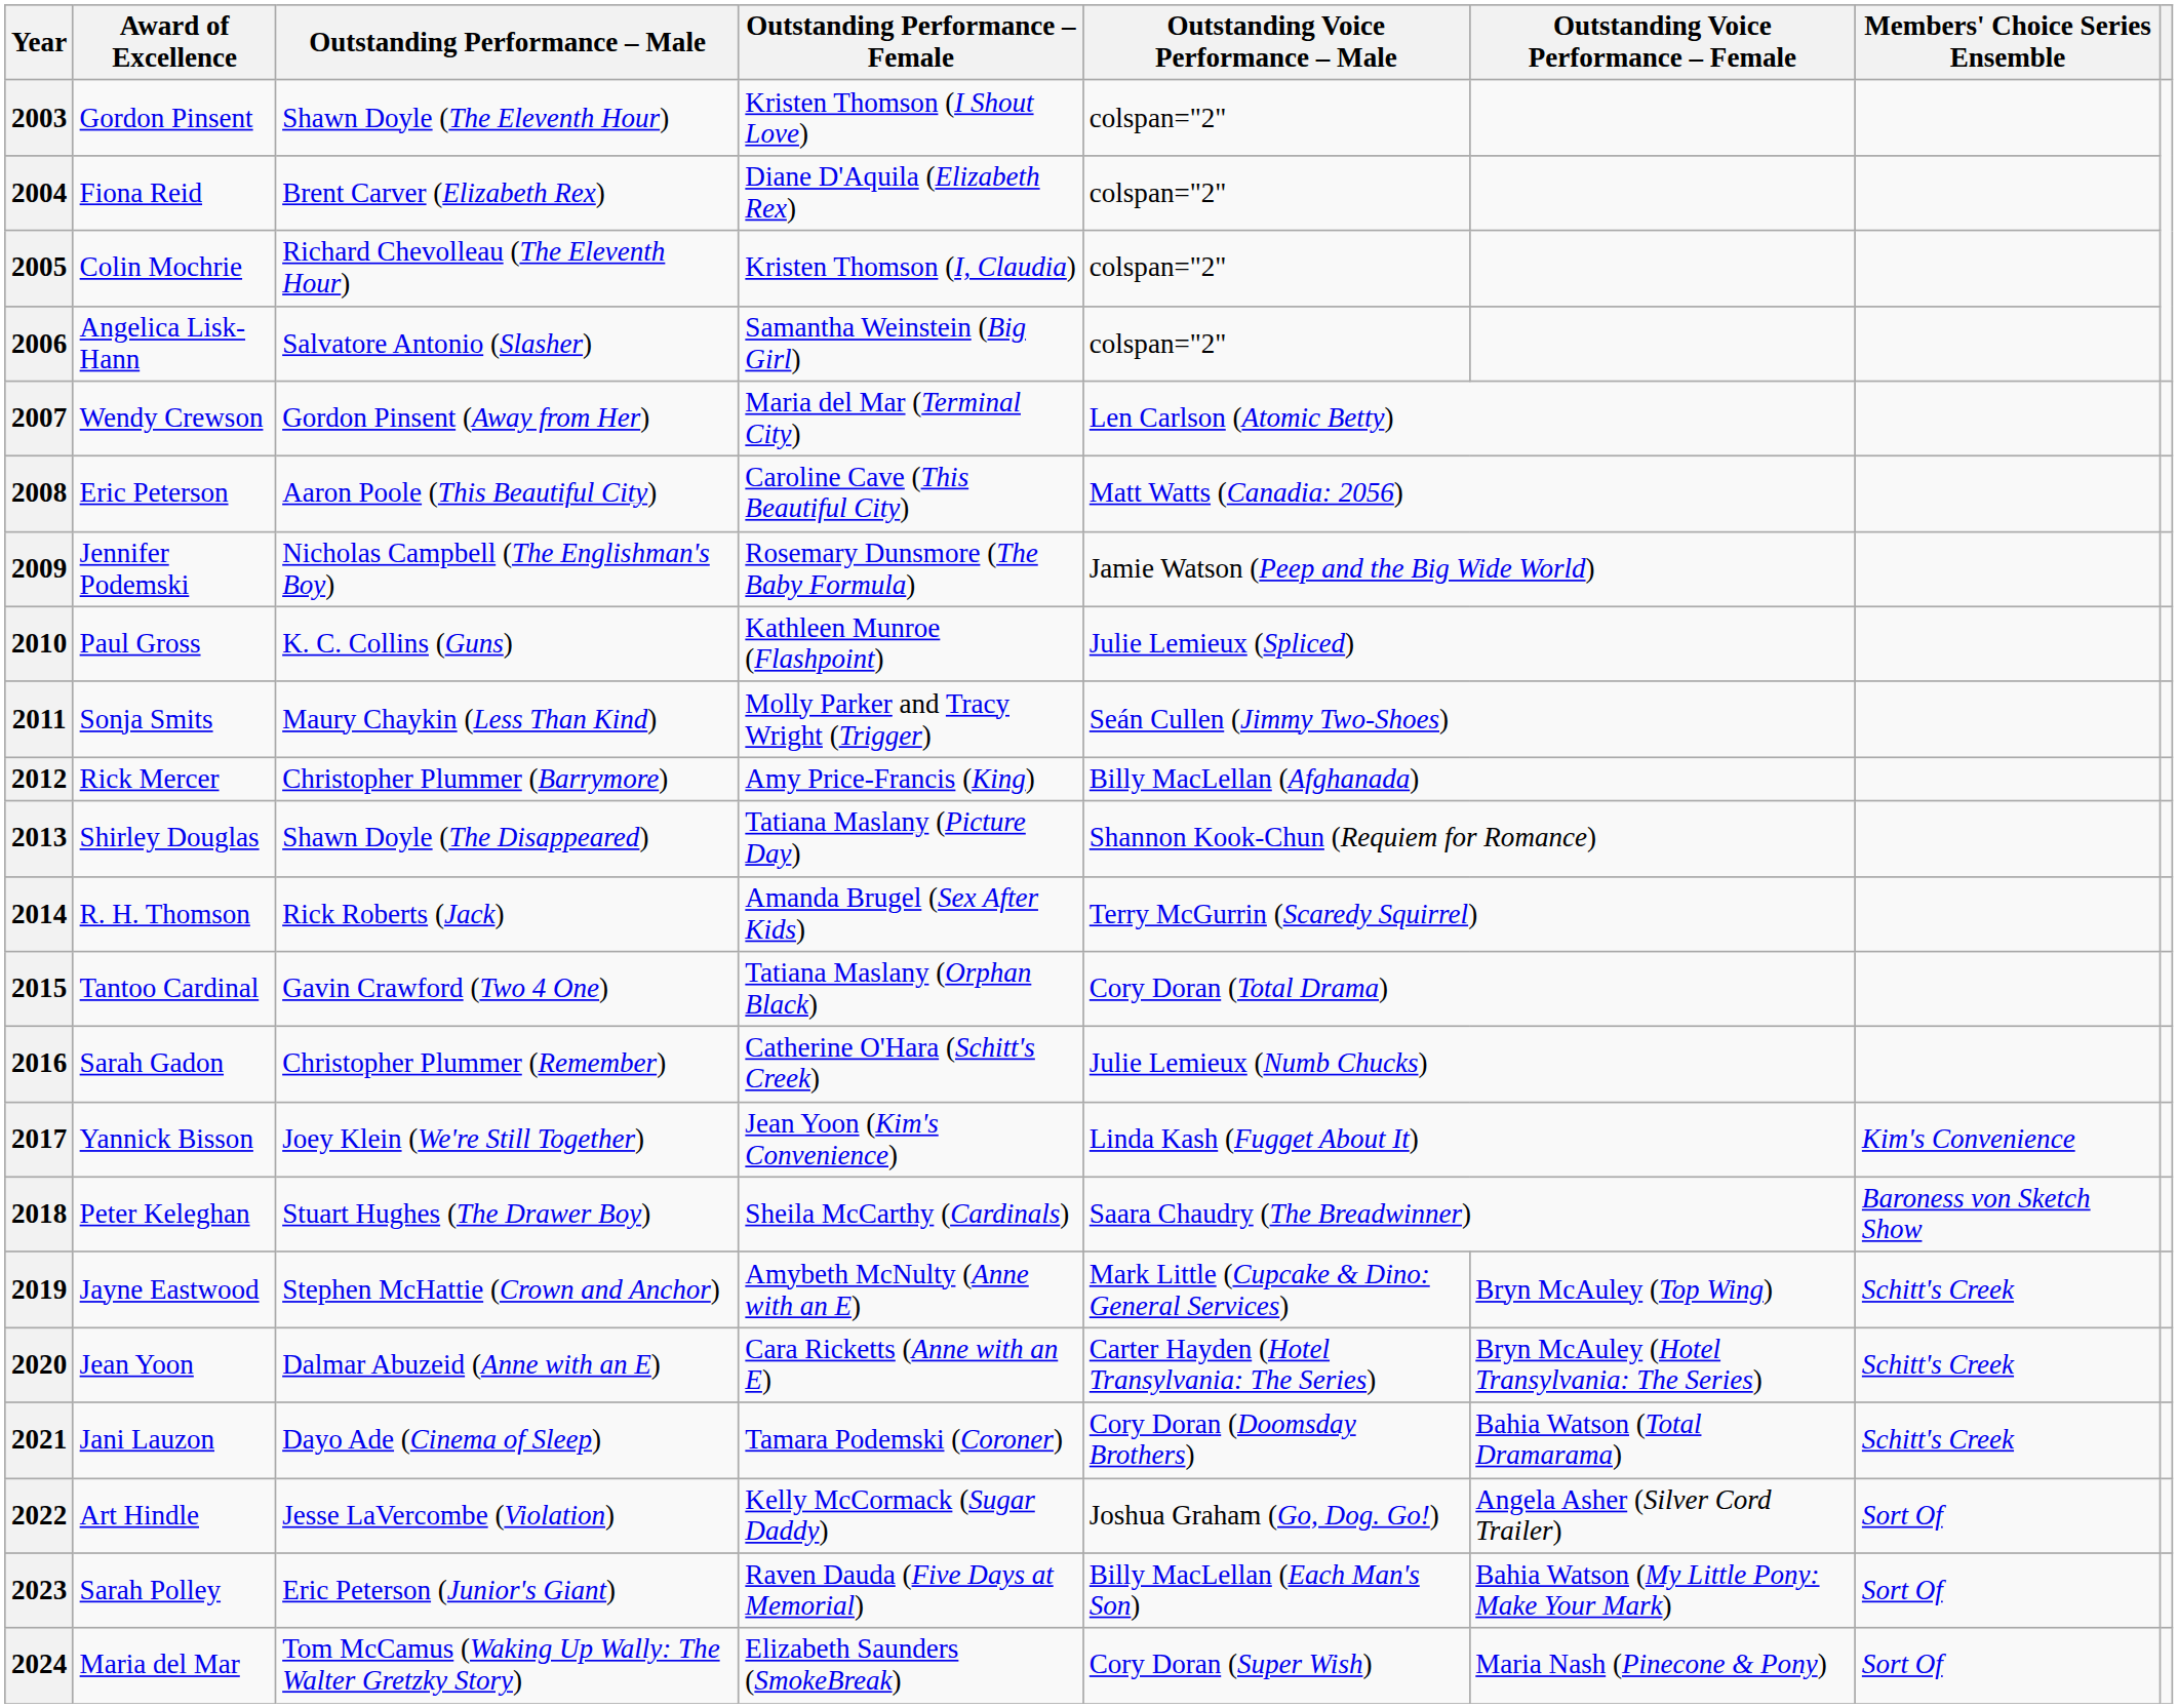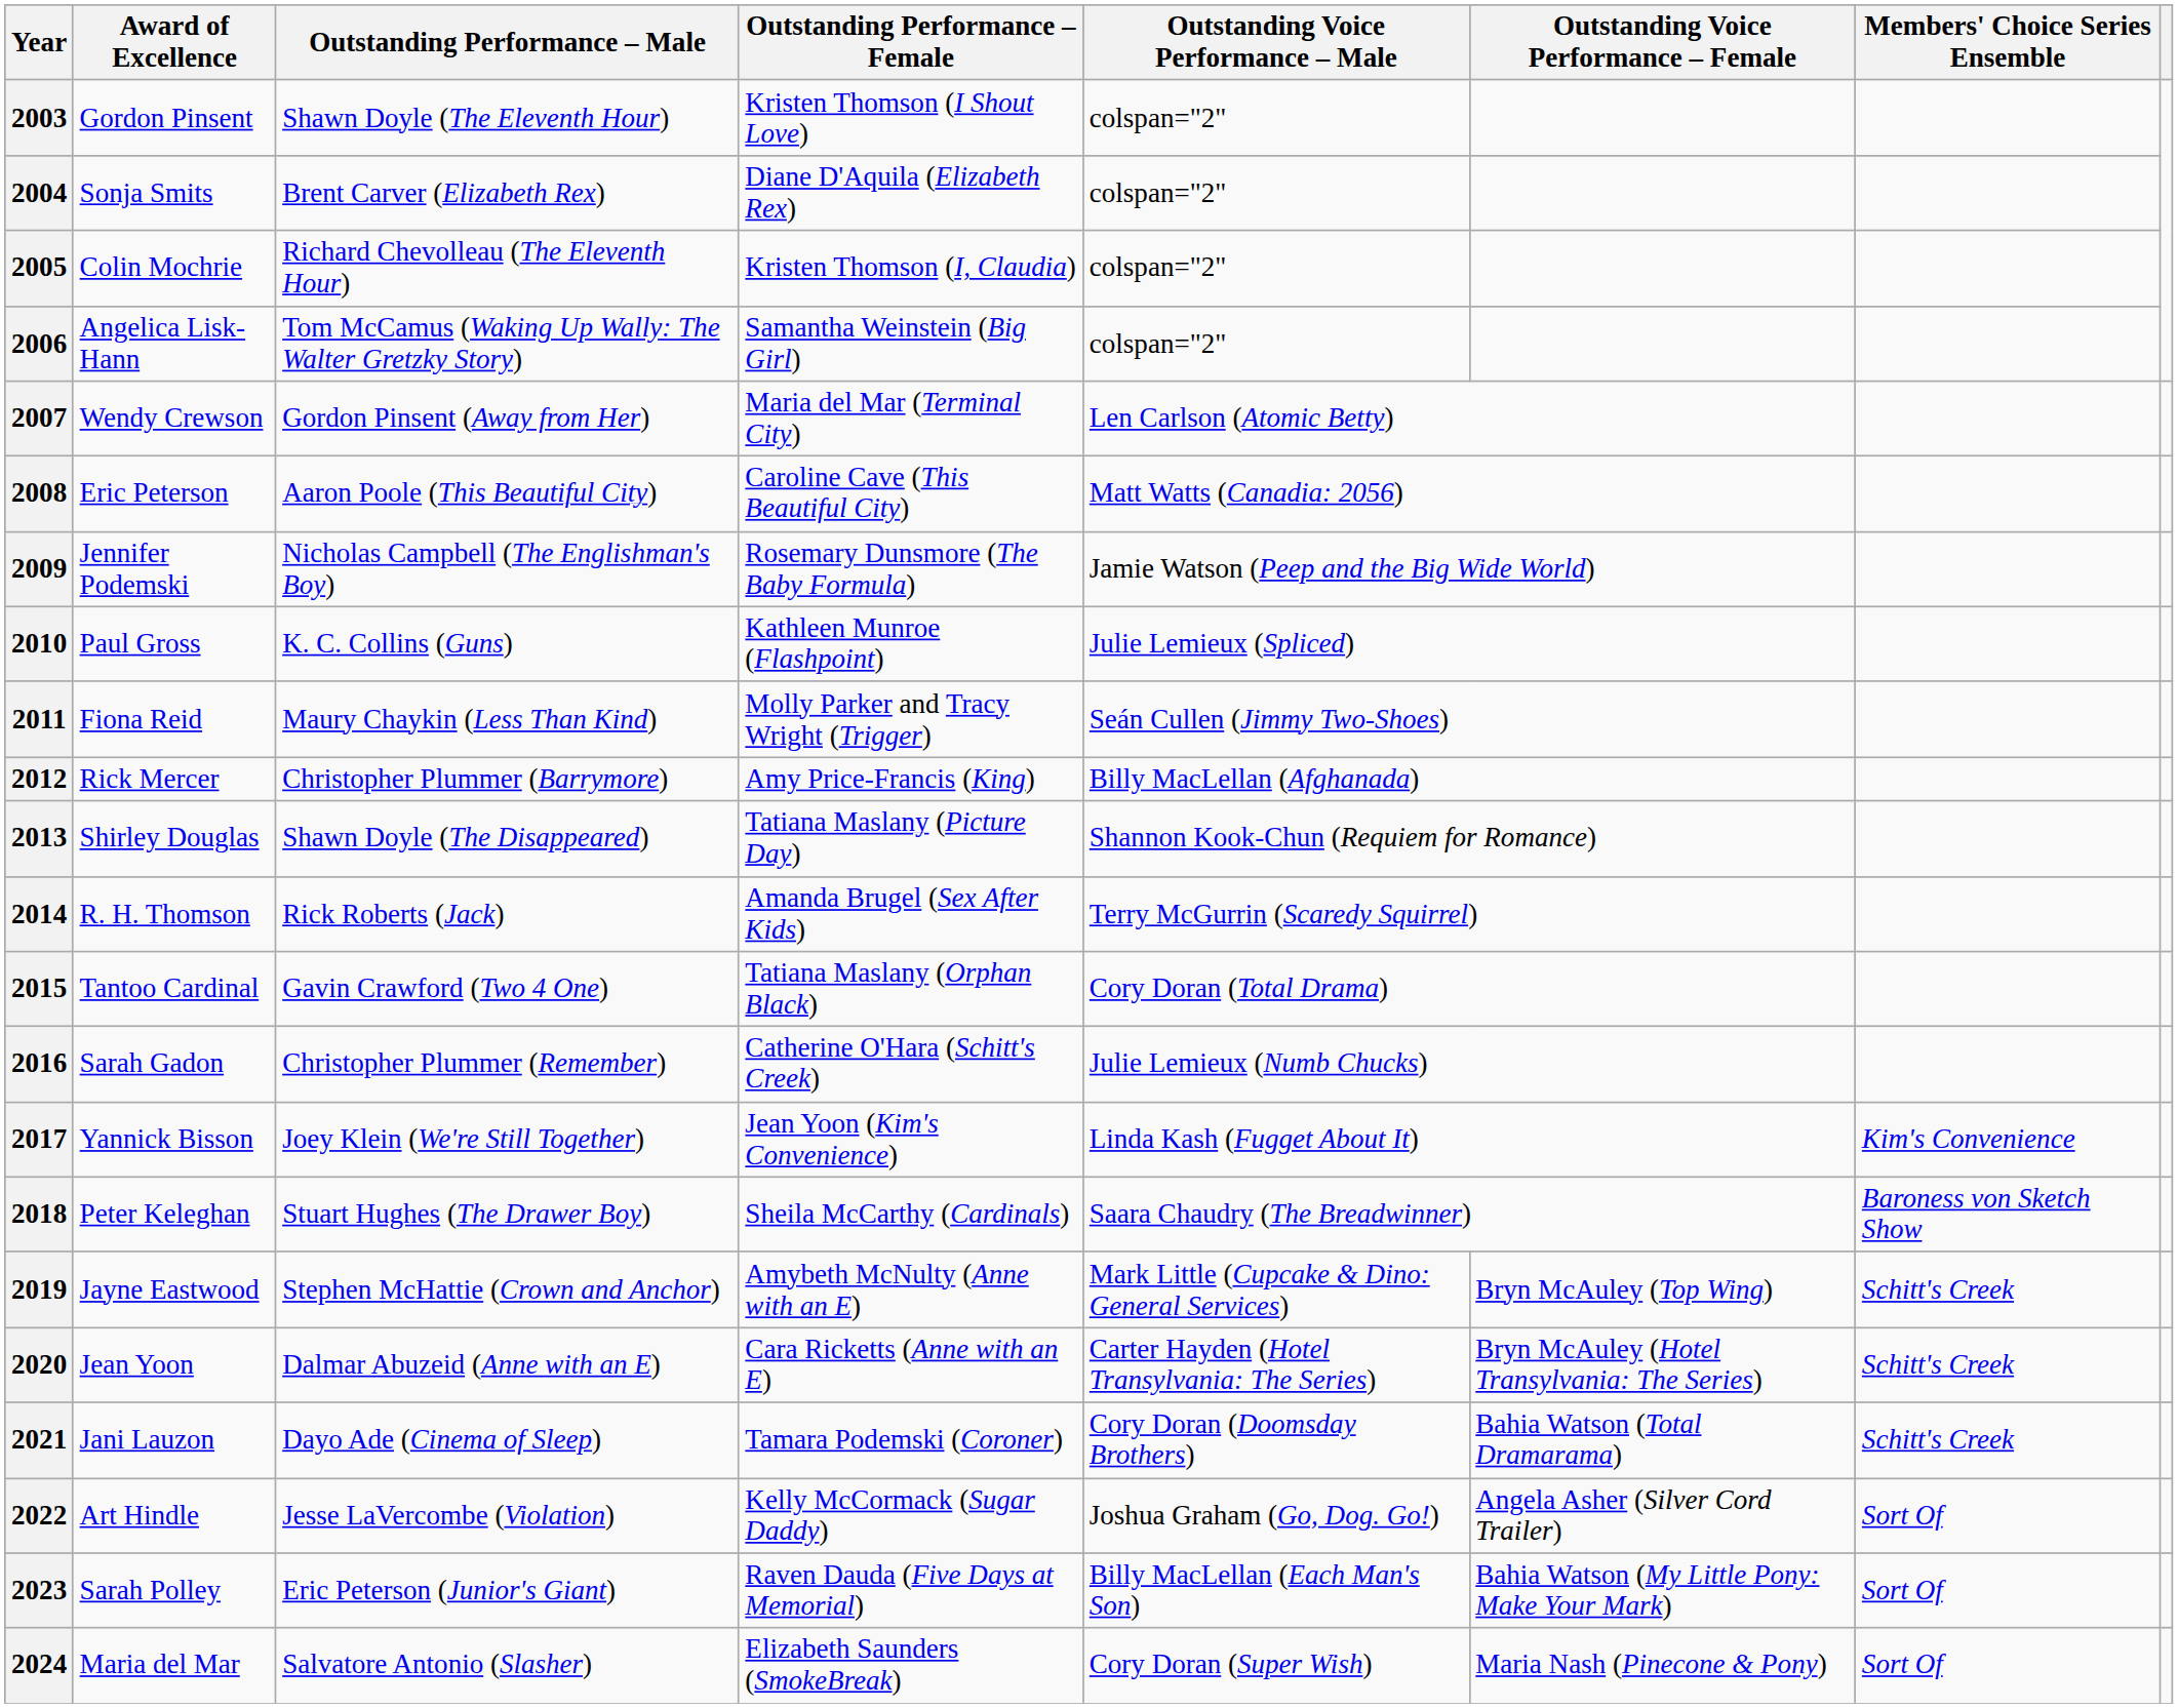 <table class="wikitable plainrowheaders" style="width:99%;">
 <tr>
 <th scope="col">Year</th>
 <th scope="col">Award of Excellence</th>
 <th scope="col">Outstanding Performance – Male</th>
 <th scope="col">Outstanding Performance – Female</th>
 <th scope="col">Outstanding Voice Performance – Male</th>
 <th scope="col">Outstanding Voice Performance – Female</th>
 <th scope="col">Members' Choice Series Ensemble</th>
 <th scope="col"></th>
 </tr>
 <tr>
 <th scope="row">2003</th>
 <td><a href='#'>Gordon Pinsent</a></td>
 <td><a href='#'>Shawn Doyle</a> (<em><a href='#'>The Eleventh Hour</a></em>)</td>
 <td><a href='#'>Kristen Thomson</a> (<em><a href='#'>I Shout Love</a></em>)</td>
 <td>colspan="2" </td>
 <td></td>
 <td style="text-align:center;"></td>
 </tr>
 <tr>
 <th scope="row">2004</th>
-<td><a href='#'>Fiona Reid</a></td>
+<td><a href='#'>Sonja Smits</a></td>
 <td><a href='#'>Brent Carver</a> (<em><a href='#'>Elizabeth Rex</a></em>)</td>
 <td><a href='#'>Diane D'Aquila</a> (<em><a href='#'>Elizabeth Rex</a></em>)</td>
 <td>colspan="2" </td>
 <td></td>
 <td style="text-align:center;"></td>
 </tr>
 <tr>
 <th scope="row">2005</th>
 <td><a href='#'>Colin Mochrie</a></td>
 <td><a href='#'>Richard Chevolleau</a> (<em><a href='#'>The Eleventh Hour</a></em>)</td>
 <td><a href='#'>Kristen Thomson</a> (<em><a href='#'>I, Claudia</a></em>)</td>
 <td>colspan="2" </td>
 <td></td>
 <td style="text-align:center;"></td>
 </tr>
 <tr>
 <th scope="row">2006</th>
 <td><a href='#'>Angelica Lisk-Hann</a></td>
-<td><a href='#'>Salvatore Antonio</a> (<em><a href='#'>Slasher</a></em>)</td>
+<td><a href='#'>Tom McCamus</a> (<em><a href='#'>Waking Up Wally: The Walter Gretzky Story</a></em>)</td>
 <td><a href='#'>Samantha Weinstein</a> (<em><a href='#'>Big Girl</a></em>)</td>
 <td>colspan="2" </td>
 <td></td>
 <td style="text-align:center;"></td>
 </tr>
 <tr>
 <th scope="row">2007</th>
 <td><a href='#'>Wendy Crewson</a></td>
 <td><a href='#'>Gordon Pinsent</a> (<em><a href='#'>Away from Her</a></em>)</td>
 <td><a href='#'>Maria del Mar</a> (<em><a href='#'>Terminal City</a></em>)</td>
 <td colspan="2"><a href='#'>Len Carlson</a> (<em><a href='#'>Atomic Betty</a></em>)</td>
 <td></td>
 <td style="text-align:center;"></td>
 </tr>
 <tr>
 <th scope="row">2008</th>
 <td><a href='#'>Eric Peterson</a></td>
 <td><a href='#'>Aaron Poole</a> (<em><a href='#'>This Beautiful City</a></em>)</td>
 <td><a href='#'>Caroline Cave</a> (<em><a href='#'>This Beautiful City</a></em>)</td>
 <td colspan="2"><a href='#'>Matt Watts</a> (<em><a href='#'>Canadia: 2056</a></em>)</td>
 <td></td>
 <td style="text-align:center;"></td>
 </tr>
 <tr>
 <th scope="row">2009</th>
 <td><a href='#'>Jennifer Podemski</a></td>
 <td><a href='#'>Nicholas Campbell</a> (<em><a href='#'>The Englishman's Boy</a></em>)</td>
 <td><a href='#'>Rosemary Dunsmore</a> (<em><a href='#'>The Baby Formula</a></em>)</td>
 <td colspan="2">Jamie Watson (<em><a href='#'>Peep and the Big Wide World</a></em>)</td>
 <td></td>
 <td style="text-align:center;"></td>
 </tr>
 <tr>
 <th scope="row">2010</th>
 <td><a href='#'>Paul Gross</a></td>
 <td><a href='#'>K. C. Collins</a> (<em><a href='#'>Guns</a></em>)</td>
 <td><a href='#'>Kathleen Munroe</a> (<em><a href='#'>Flashpoint</a></em>)</td>
 <td colspan="2"><a href='#'>Julie Lemieux</a> (<em><a href='#'>Spliced</a></em>)</td>
 <td></td>
 <td style="text-align:center;"></td>
 </tr>
 <tr>
 <th scope="row">2011</th>
-<td><a href='#'>Sonja Smits</a></td>
+<td><a href='#'>Fiona Reid</a></td>
 <td><a href='#'>Maury Chaykin</a> (<em><a href='#'>Less Than Kind</a></em>)</td>
 <td><a href='#'>Molly Parker</a> and <a href='#'>Tracy Wright</a> (<em><a href='#'>Trigger</a></em>)</td>
 <td colspan="2"><a href='#'>Seán Cullen</a> (<em><a href='#'>Jimmy Two-Shoes</a></em>)</td>
 <td></td>
 <td style="text-align:center;"></td>
 </tr>
 <tr>
 <th scope="row">2012</th>
 <td><a href='#'>Rick Mercer</a></td>
 <td><a href='#'>Christopher Plummer</a> (<em><a href='#'>Barrymore</a></em>)</td>
 <td><a href='#'>Amy Price-Francis</a> (<em><a href='#'>King</a></em>)</td>
 <td colspan="2"><a href='#'>Billy MacLellan</a> (<em><a href='#'>Afghanada</a></em>)</td>
 <td></td>
 <td style="text-align:center;"></td>
 </tr>
 <tr>
 <th scope="row">2013</th>
 <td><a href='#'>Shirley Douglas</a></td>
 <td><a href='#'>Shawn Doyle</a> (<em><a href='#'>The Disappeared</a></em>)</td>
 <td><a href='#'>Tatiana Maslany</a> (<em><a href='#'>Picture Day</a></em>)</td>
 <td colspan="2"><a href='#'>Shannon Kook-Chun</a> (<em>Requiem for Romance</em>)</td>
 <td></td>
 <td style="text-align:center;"></td>
 </tr>
 <tr>
 <th scope="row">2014</th>
 <td><a href='#'>R. H. Thomson</a></td>
 <td><a href='#'>Rick Roberts</a> (<em><a href='#'>Jack</a></em>)</td>
 <td><a href='#'>Amanda Brugel</a> (<em><a href='#'>Sex After Kids</a></em>)</td>
 <td colspan="2"><a href='#'>Terry McGurrin</a> (<em><a href='#'>Scaredy Squirrel</a></em>)</td>
 <td></td>
 <td style="text-align:center;"></td>
 </tr>
 <tr>
 <th scope="row">2015</th>
 <td><a href='#'>Tantoo Cardinal</a></td>
 <td><a href='#'>Gavin Crawford</a> (<em><a href='#'>Two 4 One</a></em>)</td>
 <td><a href='#'>Tatiana Maslany</a> (<em><a href='#'>Orphan Black</a></em>)</td>
 <td colspan="2"><a href='#'>Cory Doran</a> (<em><a href='#'>Total Drama</a></em>)</td>
 <td></td>
 <td style="text-align:center;"></td>
 </tr>
 <tr>
 <th scope="row">2016</th>
 <td><a href='#'>Sarah Gadon</a></td>
 <td><a href='#'>Christopher Plummer</a> (<em><a href='#'>Remember</a></em>)</td>
 <td><a href='#'>Catherine O'Hara</a> (<em><a href='#'>Schitt's Creek</a></em>)</td>
 <td colspan="2"><a href='#'>Julie Lemieux</a> (<em><a href='#'>Numb Chucks</a></em>)</td>
 <td></td>
 <td style="text-align:center;"></td>
 </tr>
 <tr>
 <th scope="row">2017</th>
 <td><a href='#'>Yannick Bisson</a></td>
 <td><a href='#'>Joey Klein</a> (<em><a href='#'>We're Still Together</a></em>)</td>
 <td><a href='#'>Jean Yoon</a> (<em><a href='#'>Kim's Convenience</a></em>)</td>
 <td colspan="2"><a href='#'>Linda Kash</a> (<em><a href='#'>Fugget About It</a></em>)</td>
 <td><em><a href='#'>Kim's Convenience</a></em></td>
 <td style="text-align:center;"></td>
 </tr>
 <tr>
 <th scope="row">2018</th>
 <td><a href='#'>Peter Keleghan</a></td>
 <td><a href='#'>Stuart Hughes</a> (<em><a href='#'>The Drawer Boy</a></em>)</td>
 <td><a href='#'>Sheila McCarthy</a> (<em><a href='#'>Cardinals</a></em>)</td>
 <td colspan="2"><a href='#'>Saara Chaudry</a> (<em><a href='#'>The Breadwinner</a></em>)</td>
 <td><em><a href='#'>Baroness von Sketch Show</a></em></td>
 <td style="text-align:center;"></td>
 </tr>
 <tr>
 <th scope="row">2019</th>
 <td><a href='#'>Jayne Eastwood</a></td>
 <td><a href='#'>Stephen McHattie</a> (<em><a href='#'>Crown and Anchor</a></em>)</td>
 <td><a href='#'>Amybeth McNulty</a> (<em><a href='#'>Anne with an E</a></em>)</td>
 <td><a href='#'>Mark Little</a> (<em><a href='#'>Cupcake & Dino: General Services</a></em>)</td>
 <td><a href='#'>Bryn McAuley</a> (<em><a href='#'>Top Wing</a></em>)</td>
 <td><em><a href='#'>Schitt's Creek</a></em></td>
 <td style="text-align:center;"></td>
 </tr>
 <tr>
 <th scope="row">2020</th>
 <td><a href='#'>Jean Yoon</a></td>
 <td><a href='#'>Dalmar Abuzeid</a> (<em><a href='#'>Anne with an E</a></em>)</td>
 <td><a href='#'>Cara Ricketts</a> (<em><a href='#'>Anne with an E</a></em>)</td>
 <td><a href='#'>Carter Hayden</a> (<em><a href='#'>Hotel Transylvania: The Series</a></em>)</td>
 <td><a href='#'>Bryn McAuley</a> (<em><a href='#'>Hotel Transylvania: The Series</a></em>)</td>
 <td><em><a href='#'>Schitt's Creek</a></em></td>
 <td style="text-align:center;"></td>
 </tr>
 <tr>
 <th scope="row">2021</th>
 <td><a href='#'>Jani Lauzon</a></td>
 <td><a href='#'>Dayo Ade</a> (<em><a href='#'>Cinema of Sleep</a></em>)</td>
 <td><a href='#'>Tamara Podemski</a> (<em><a href='#'>Coroner</a></em>)</td>
 <td><a href='#'>Cory Doran</a> (<em><a href='#'>Doomsday Brothers</a></em>)</td>
 <td><a href='#'>Bahia Watson</a> (<em><a href='#'>Total Dramarama</a></em>)</td>
 <td><em><a href='#'>Schitt's Creek</a></em></td>
 <td style="text-align:center;"></td>
 </tr>
 <tr>
 <th scope="row">2022</th>
 <td><a href='#'>Art Hindle</a></td>
 <td><a href='#'>Jesse LaVercombe</a> (<em><a href='#'>Violation</a></em>)</td>
 <td><a href='#'>Kelly McCormack</a> (<em><a href='#'>Sugar Daddy</a></em>)</td>
 <td>Joshua Graham (<em><a href='#'>Go, Dog. Go!</a></em>)</td>
 <td><a href='#'>Angela Asher</a> (<em>Silver Cord Trailer</em>)</td>
 <td><em><a href='#'>Sort Of</a></em></td>
 <td style="text-align:center;"></td>
 </tr>
 <tr>
 <th scope="row">2023</th>
 <td><a href='#'>Sarah Polley</a></td>
 <td><a href='#'>Eric Peterson</a> (<em><a href='#'>Junior's Giant</a></em>)</td>
 <td><a href='#'>Raven Dauda</a> (<em><a href='#'>Five Days at Memorial</a></em>)</td>
 <td><a href='#'>Billy MacLellan</a> (<em><a href='#'>Each Man's Son</a></em>)</td>
 <td><a href='#'>Bahia Watson</a> (<em><a href='#'>My Little Pony: Make Your Mark</a></em>)</td>
 <td><em><a href='#'>Sort Of</a></em></td>
 <td style="text-align:center;"></td>
 </tr>
 <tr>
 <th scope="row">2024</th>
 <td><a href='#'>Maria del Mar</a></td>
-<td><a href='#'>Tom McCamus</a> (<em><a href='#'>Waking Up Wally: The Walter Gretzky Story</a></em>)</td>
+<td><a href='#'>Salvatore Antonio</a> (<em><a href='#'>Slasher</a></em>)</td>
 <td><a href='#'>Elizabeth Saunders</a> (<em><a href='#'>SmokeBreak</a></em>)</td>
 <td><a href='#'>Cory Doran</a> (<em><a href='#'>Super Wish</a></em>)</td>
 <td><a href='#'>Maria Nash</a> (<em><a href='#'>Pinecone & Pony</a></em>)</td>
 <td><em><a href='#'>Sort Of</a></em></td>
 <td style="text-align:center;"></td>
 </tr>
 </table>
